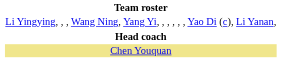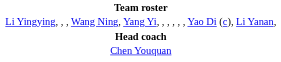 <table style="text-align: center; margin-top: 2em; margin-left: auto; margin-right: auto">
 <tr>
 <td><strong>Team roster</strong></td>
 </tr>
 <tr>
 <td><a href='#'>Li Yingying</a>, , , <a href='#'>Wang Ning</a>, <a href='#'>Yang Yi</a>, ,  , , , , <a href='#'>Yao Di</a> (<a href='#'>c</a>), <a href='#'>Li Yanan</a>, </td>
 </tr>
 <tr>
 <td><strong>Head coach</strong></td>
 </tr>
 <tr>
-<td style="background: khaki;"><a href='#'>Chen Youquan</a></td>
+<td><a href='#'>Chen Youquan</a></td>
 </tr>
 </table>
